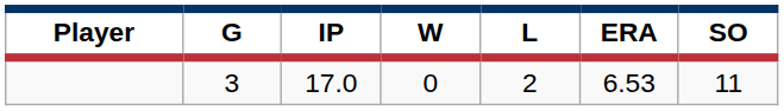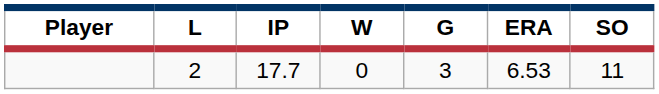 <table class="wikitable sortable">
 <tr>
 <th style="background:#FFFFFF; border-top:#023465 5px solid; border-bottom:#ba313c 5px solid;" width="16%">Player</th>
-<th style="background:#FFFFFF; border-top:#023465 5px solid; border-bottom:#ba313c 5px solid;" width="9%">G</th>
+<th style="background:#FFFFFF; border-top:#023465 5px solid; border-bottom:#ba313c 5px solid;" width="9%">L</th>
 <th style="background:#FFFFFF; border-top:#023465 5px solid; border-bottom:#ba313c 5px solid;" width="9%">IP</th>
 <th style="background:#FFFFFF; border-top:#023465 5px solid; border-bottom:#ba313c 5px solid;" width="9%">W</th>
-<th style="background:#FFFFFF; border-top:#023465 5px solid; border-bottom:#ba313c 5px solid;" width="9%">L</th>
+<th style="background:#FFFFFF; border-top:#023465 5px solid; border-bottom:#ba313c 5px solid;" width="9%">G</th>
 <th style="background:#FFFFFF; border-top:#023465 5px solid; border-bottom:#ba313c 5px solid;" width="9%">ERA</th>
 <th style="background:#FFFFFF; border-top:#023465 5px solid; border-bottom:#ba313c 5px solid;" width="9%">SO</th>
 </tr>
 <tr align="center">
 <td></td>
+<td>2</td>
+<td>17.7</td>
+<td>0</td>
 <td>3</td>
-<td>17.0</td>
-<td>0</td>
-<td>2</td>
 <td>6.53</td>
 <td>11</td>
 </tr>
 </table>
